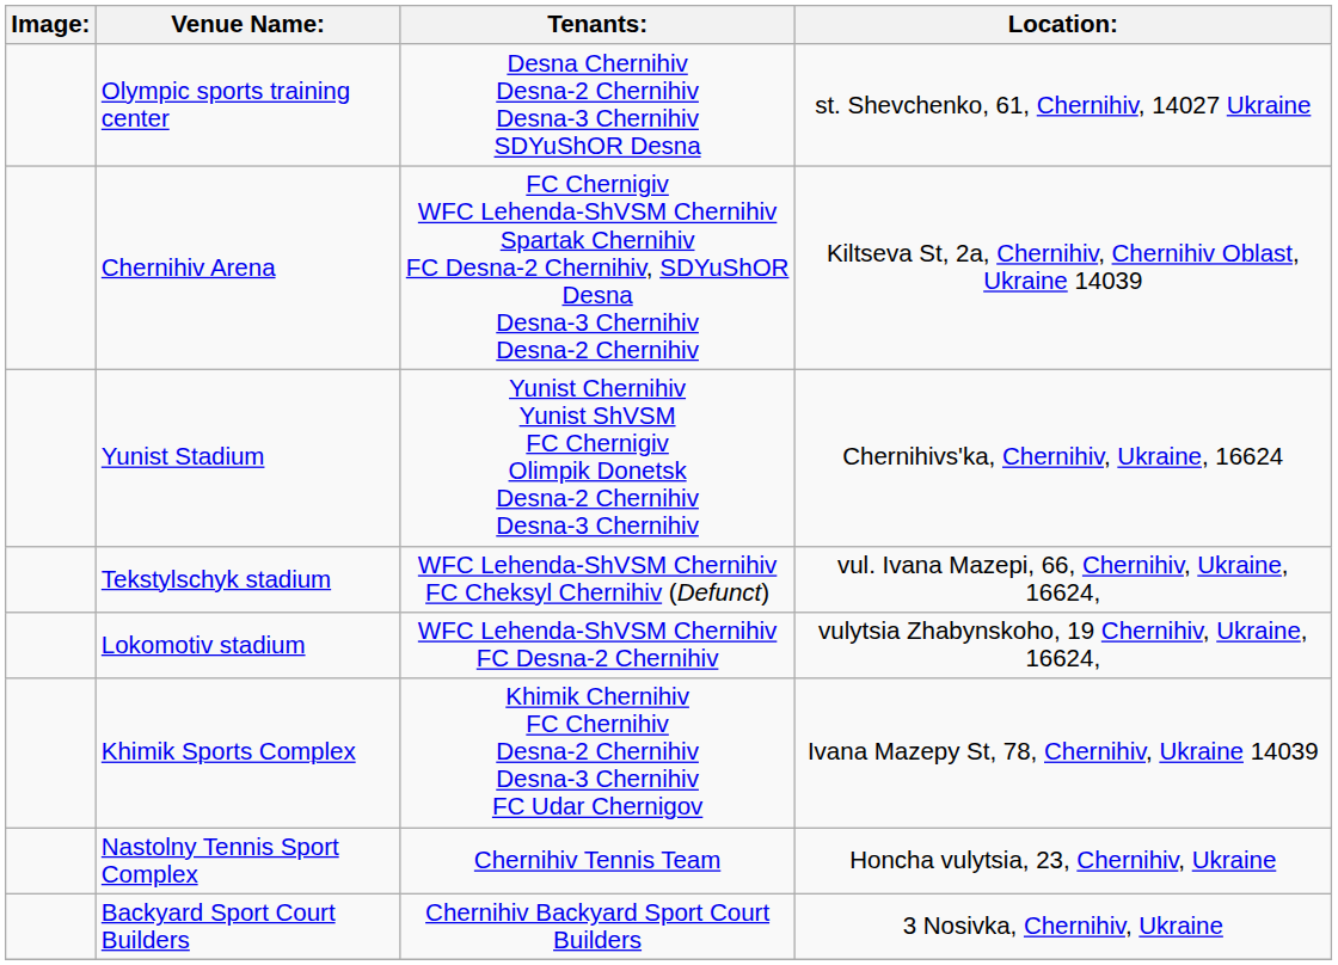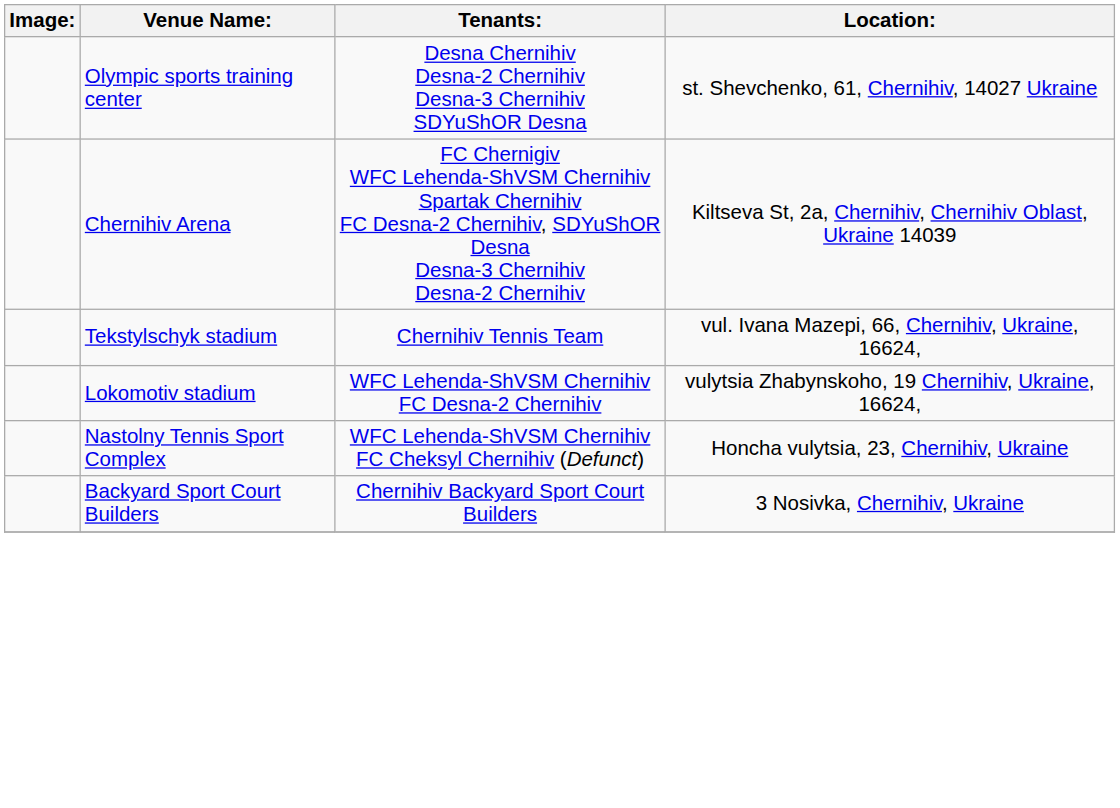 <table class="wikitable" style="text-align: center;">
 <tr>
 <th>Image:</th>
 <th>Venue Name:</th>
 <th>Tenants:</th>
 <th>Location:</th>
 </tr>
 <tr>
 <td></td>
 <td align="left"><a href='#'>Olympic sports training center</a></td>
 <td><a href='#'>Desna Chernihiv</a><br> <a href='#'>Desna-2 Chernihiv</a><br> <a href='#'>Desna-3 Chernihiv</a><br> <a href='#'>SDYuShOR Desna</a></td>
 <td>st. Shevchenko, 61, <a href='#'>Chernihiv</a>, 14027 <a href='#'>Ukraine</a></td>
 </tr>
 <tr>
 <td></td>
 <td align="left"><a href='#'>Chernihiv Arena</a></td>
 <td><a href='#'>FC Chernigiv</a><br> <a href='#'>WFC Lehenda-ShVSM Chernihiv</a><br><a href='#'>Spartak Chernihiv</a><br> <a href='#'>FC Desna-2 Chernihiv</a>,  <a href='#'>SDYuShOR Desna</a><br><a href='#'>Desna-3 Chernihiv</a><br><a href='#'>Desna-2 Chernihiv</a></td>
 <td>Kiltseva St, 2а, <a href='#'>Chernihiv</a>, <a href='#'>Chernihiv Oblast</a>, <a href='#'>Ukraine</a> 14039</td>
 </tr>
 <tr>
 <td></td>
-<td align="left"><a href='#'>Yunist Stadium</a></td>
-<td><a href='#'>Yunist Chernihiv</a><br><a href='#'>Yunist ShVSM</a><br><a href='#'>FC Chernigiv</a><br><a href='#'>Olimpik Donetsk</a><br><a href='#'>Desna-2 Chernihiv</a><br><a href='#'>Desna-3 Chernihiv</a></td>
-<td>Chernihivs'ka, <a href='#'>Chernihiv</a>, <a href='#'>Ukraine</a>, 16624</td>
-</tr>
-<tr>
-<td></td>
 <td align="left"><a href='#'>Tekstylschyk stadium</a></td>
-<td><a href='#'>WFC Lehenda-ShVSM Chernihiv</a><br><a href='#'>FC Cheksyl Chernihiv</a> (<em>Defunct</em>)</td>
+<td><a href='#'>Chernihiv Tennis Team</a></td>
 <td>vul. Ivana Mazepi, 66, <a href='#'>Chernihiv</a>, <a href='#'>Ukraine</a>, 16624,</td>
 </tr>
 <tr>
 <td></td>
 <td align="left"><a href='#'>Lokomotiv stadium</a></td>
 <td><a href='#'>WFC Lehenda-ShVSM Chernihiv</a><br> <a href='#'>FC Desna-2 Chernihiv</a></td>
 <td>vulytsia Zhabynskoho, 19 <a href='#'>Chernihiv</a>, <a href='#'>Ukraine</a>, 16624,</td>
 </tr>
 <tr>
 <td></td>
-<td align="left"><a href='#'>Khimik Sports Complex</a></td>
-<td><a href='#'>Khimik Chernihiv</a><br><a href='#'>FC Chernihiv</a><br><a href='#'>Desna-2 Chernihiv</a><br><a href='#'>Desna-3 Chernihiv</a><br><a href='#'>FC Udar Chernigov</a></td>
-<td>Ivana Mazepy St, 78, <a href='#'>Chernihiv</a>, <a href='#'>Ukraine</a> 14039</td>
-</tr>
-<tr>
-<td></td>
 <td align="left"><a href='#'>Nastolny Tennis Sport Complex</a></td>
-<td><a href='#'>Chernihiv Tennis Team</a></td>
+<td><a href='#'>WFC Lehenda-ShVSM Chernihiv</a><br><a href='#'>FC Cheksyl Chernihiv</a> (<em>Defunct</em>)</td>
 <td>Honcha vulytsia, 23, <a href='#'>Chernihiv</a>, <a href='#'>Ukraine</a></td>
 </tr>
 <tr>
 <td></td>
 <td align="left"><a href='#'>Backyard Sport Court Builders</a></td>
 <td><a href='#'>Chernihiv Backyard Sport Court Builders</a></td>
 <td>3 Nosivka, <a href='#'>Chernihiv</a>, <a href='#'>Ukraine</a></td>
 </tr>
 <tr>
 </tr>
 </table>
